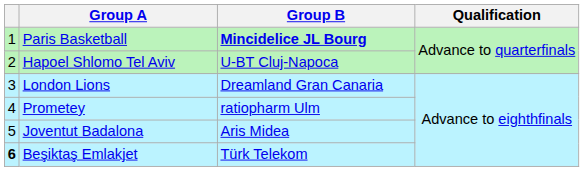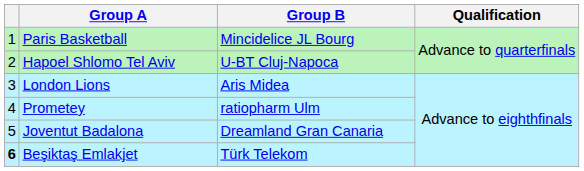 <table class="wikitable" style="white-space:nowrap">
 <tr>
 <th></th>
 <th style="width:210px"><a href='#'>Group A</a></th>
 <th style="width:210px"><a href='#'>Group B</a></th>
 <th>Qualification</th>
 </tr>
 <tr style="background-color:#BBF3BB;">
 <td style="text-align:center;">1</td>
 <td> <a href='#'>Paris Basketball</a></td>
-<td><strong> <a href='#'>Mincidelice JL Bourg</a></strong></td>
+<td> <a href='#'>Mincidelice JL Bourg</a></td>
 <td rowspan="2" style="text-align:center;">Advance to <a href='#'>quarterfinals</a></td>
 </tr>
 <tr style="background-color:#BBF3BB;">
 <td style="text-align:center;">2</td>
 <td> <a href='#'>Hapoel Shlomo Tel Aviv</a></td>
 <td> <a href='#'>U-BT Cluj-Napoca</a></td>
 </tr>
 <tr style="background-color:#BBF3FF;">
 <td style="text-align:center;">3</td>
 <td> <a href='#'>London Lions</a></td>
-<td> <a href='#'>Dreamland Gran Canaria</a></td>
+<td> <a href='#'>Aris Midea</a></td>
 <td rowspan="4" style="text-align:center;">Advance to <a href='#'>eighthfinals</a></td>
 </tr>
 <tr style="background-color:#BBF3FF;">
 <td style="text-align:center;">4</td>
 <td> <a href='#'>Prometey</a></td>
 <td> <a href='#'>ratiopharm Ulm</a></td>
 </tr>
 <tr style="background-color:#BBF3FF;">
 <td style="text-align:center;">5</td>
 <td> <a href='#'>Joventut Badalona</a></td>
-<td> <a href='#'>Aris Midea</a></td>
+<td> <a href='#'>Dreamland Gran Canaria</a></td>
 </tr>
 <tr style="background-color:#BBF3FF;">
 <td style="text-align:center;"><strong>6</strong></td>
 <td> <a href='#'>Beşiktaş Emlakjet</a></td>
 <td> <a href='#'>Türk Telekom</a></td>
 </tr>
 </table>
